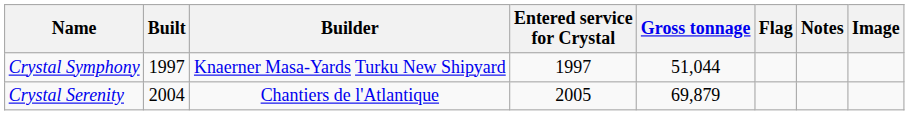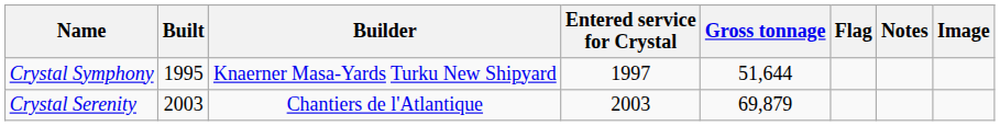 <table class="wikitable">
 <tr>
 <th>Name</th>
 <th>Built</th>
 <th>Builder</th>
 <th>Entered service<br>for Crystal</th>
 <th><a href='#'>Gross tonnage</a></th>
 <th>Flag</th>
 <th>Notes</th>
 <th>Image</th>
 </tr>
 <tr>
 <td><em><a href='#'>Crystal Symphony</a></em></td>
-<td align="Center">1997</td>
+<td align="Center">1995</td>
 <td align="Center"><a href='#'>Knaerner Masa-Yards</a> <a href='#'>Turku New Shipyard</a></td>
 <td align="Center">1997</td>
-<td align="Center">51,044</td>
+<td align="Center">51,644</td>
 <td align="Center"></td>
 <td></td>
 <td></td>
 </tr>
 <tr>
 <td><em><a href='#'>Crystal Serenity</a></em></td>
-<td align="Center">2004</td>
+<td align="Center">2003</td>
 <td align="Center"><a href='#'>Chantiers de l'Atlantique</a></td>
-<td align="Center">2005</td>
+<td align="Center">2003</td>
 <td align="Center">69,879</td>
 <td align="Center"></td>
 <td></td>
 <td></td>
 </tr>
 </table>
